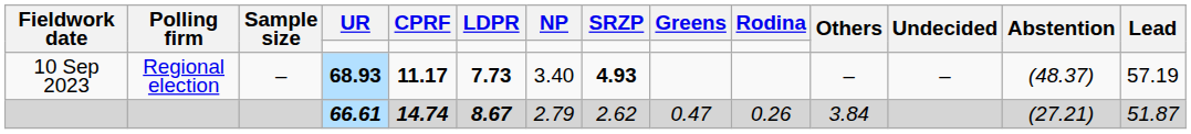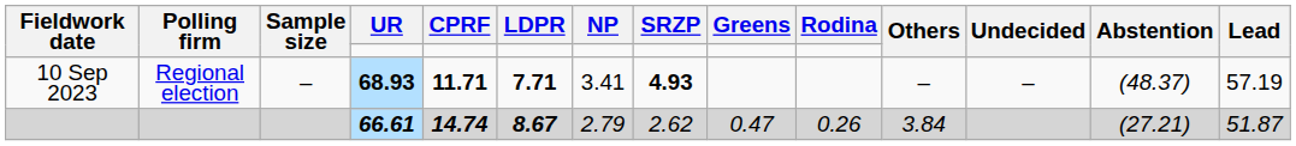 <table class=wikitable style="font-size:95%; line-height:14px; text-align:center">
 <tr>
 <th style=width:120px; rowspan=2>Fieldwork date</th>
 <th style=width:120px; rowspan=2>Polling firm</th>
 <th style=width:50px; rowspan=2>Sample<br>size</th>
 <th style="width:50px;"><a href='#'>UR</a></th>
 <th style="width:50px;"><a href='#'>CPRF</a></th>
 <th style="width:50px;"><a href='#'>LDPR</a></th>
 <th style="width:50px;"><a href='#'>NP</a></th>
 <th style="width:50px;"><a href='#'>SRZP</a></th>
 <th style="width:50px;"><a href='#'>Greens</a></th>
 <th style="width:50px;"><a href='#'>Rodina</a></th>
 <th style="width:50px;" rowspan=2>Others</th>
 <th style="width:50px;" rowspan=2>Undecided</th>
 <th style="width:50px;" rowspan=2>Abstention</th>
 <th style="width:50px;" rowspan="2">Lead</th>
 </tr>
 <tr>
 <td bgcolor=></td>
 <td bgcolor=></td>
 <td bgcolor=></td>
 <td bgcolor=></td>
 <td bgcolor=></td>
 <td bgcolor=></td>
 <td bgcolor=></td>
 </tr>
 <tr>
 <td>10 Sep 2023</td>
 <td><a href='#'>Regional election</a></td>
 <td>–</td>
 <td style="background:#B3E0FF"><strong>68.93</strong></td>
-<td><strong>11.17</strong></td>
-<td><strong>7.73</strong></td>
-<td>3.40</td>
+<td><strong>11.71</strong></td>
+<td><strong>7.71</strong></td>
+<td>3.41</td>
 <td><strong>4.93</strong></td>
 <td></td>
 <td></td>
 <td>–</td>
 <td>–</td>
 <td><em>(48.37)</em></td>
 <td style="background:">57.19</td>
 </tr>
 <tr style="background:#D5D5D5">
 <td></td>
 <td></td>
 <td></td>
 <td style="background:#B3E0FF"><strong><em>66.61</em></strong></td>
 <td><strong><em>14.74</em></strong></td>
 <td><strong><em>8.67</em></strong></td>
 <td><em>2.79</em></td>
 <td><em>2.62</em></td>
 <td><em>0.47</em></td>
 <td><em>0.26</em></td>
 <td><em>3.84</em></td>
 <td></td>
 <td><em>(27.21)</em></td>
 <td style="background:"><em>51.87</em></td>
 </tr>
 </table>
